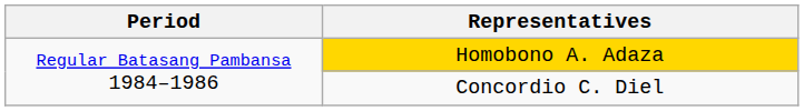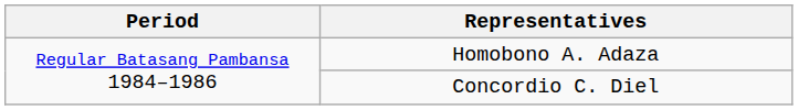 <table class="wikitable" style="text-align:center; width:40%;">
 <tr>
 <th width="40%">Period</th>
 <th>Representatives</th>
 </tr>
 <tr>
 <td rowspan="2"><small><a href='#'>Regular Batasang Pambansa</a></small><br>1984–1986</td>
-<td style="background: gold;">Homobono A. Adaza</td>
+<td>Homobono A. Adaza</td>
 </tr>
 <tr>
 <td>Concordio C. Diel</td>
 </tr>
 </table>
